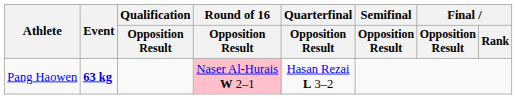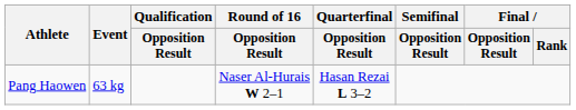 <table class="wikitable" style="font-size:90%">
 <tr>
 <th rowspan=2>Athlete</th>
 <th rowspan=2>Event</th>
 <th>Qualification</th>
 <th>Round of 16</th>
 <th>Quarterfinal</th>
 <th>Semifinal</th>
 <th colspan=2>Final / </th>
 </tr>
 <tr style="font-size: 95%">
 <th>Opposition<br>Result</th>
 <th>Opposition<br>Result</th>
 <th>Opposition<br>Result</th>
 <th>Opposition<br>Result</th>
 <th>Opposition<br>Result</th>
 <th>Rank</th>
 </tr>
 <tr align=center>
 <td align=left><a href='#'>Pang Haowen</a></td>
-<td align=left><strong><a href='#'>63 kg</a></strong></td>
+<td align=left><a href='#'>63 kg</a></td>
 <td></td>
-<td style="background: pink;"> <a href='#'>Naser Al-Hurais</a> <br><strong>W</strong> 2–1</td>
+<td> <a href='#'>Naser Al-Hurais</a> <br><strong>W</strong> 2–1</td>
 <td> <a href='#'>Hasan Rezai</a> <br><strong>L</strong> 3–2</td>
 </tr>
 </table>
